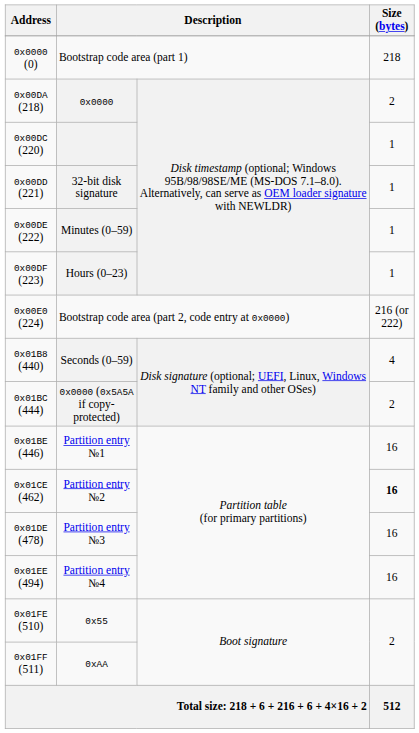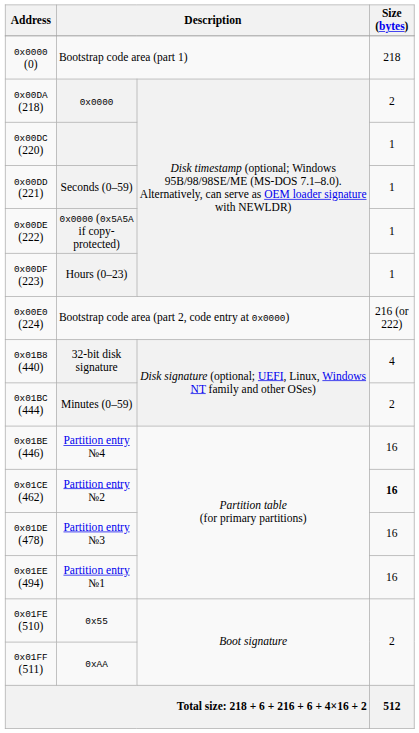 <table class="wikitable" style="float:right; width:45%; margin:1em;">
 <tr>
 <th>Address</th>
 <th style="vertical-align:middle" colspan="2">Description</th>
 <th style="vertical-align:middle">Size<br>(<a href='#'>bytes</a>)</th>
 </tr>
 <tr>
 </tr>
 <tr style="height:60px">
 <td style="text-align:center"><code>0x0000</code> (0)</td>
 <td colspan="2">Bootstrap code area (part 1)</td>
 <td style="text-align:center">218</td>
 </tr>
 <tr style="height:60px">
 <td style="text-align:center"><code>0x00DA</code> (218)</td>
 <td style="text-align:center; background:#F2F2F2"><code>0x0000</code></td>
 <td rowspan="5" style="vertical-align:middle; text-align:center; background:#F2F2F2"><em>Disk timestamp</em> (optional; Windows 95B/98/98SE/ME (MS-DOS 7.1–8.0). Alternatively, can serve as <a href='#'>OEM loader signature</a> with NEWLDR)</td>
 <td style="text-align:center">2</td>
 </tr>
 <tr style="height:60px">
 <td style="text-align:center"><code>0x00DC</code> (220)</td>
 <td style="text-align:center; background:#F2F2F2"> </td>
 <td style="text-align:center">1</td>
 </tr>
 <tr style="height:60px">
 <td style="text-align:center"><code>0x00DD</code> (221)</td>
-<td style="text-align:center; background:#F2F2F2">32-bit disk signature</td>
+<td style="text-align:center; background:#F2F2F2">Seconds (0–59)</td>
 <td style="text-align:center">1</td>
 </tr>
 <tr style="height:60px">
 <td style="text-align:center"><code>0x00DE</code> (222)</td>
-<td style="text-align:center; background:#F2F2F2">Minutes (0–59)</td>
+<td style="text-align:center; background:#F2F2F2"><code>0x0000</code> (<code>0x5A5A</code> if copy-protected)</td>
 <td style="text-align:center">1</td>
 </tr>
 <tr style="height:60px">
 <td style="text-align:center"><code>0x00DF</code> (223)</td>
 <td style="text-align:center; background:#F2F2F2">Hours (0–23)</td>
 <td style="text-align:center">1</td>
 </tr>
 <tr style="height:60px">
 <td style="text-align:center"><code>0x00E0</code> (224)</td>
 <td colspan="2">Bootstrap code area (part 2, code entry at <code>0x0000</code>)</td>
 <td style="text-align:center">216 (or 222)</td>
 </tr>
 <tr style="height:60px">
 <td style="text-align:center"><code>0x01B8</code> (440)</td>
-<td style="text-align:center; background:#F2F2F2">Seconds (0–59)</td>
+<td style="text-align:center; background:#F2F2F2">32-bit disk signature</td>
 <td rowspan="2" style="vertical-align:middle; text-align:center; background:#F2F2F2"><em>Disk signature</em> (optional; <a href='#'>UEFI</a>, Linux, <a href='#'>Windows NT</a> family and other OSes)</td>
 <td style="text-align:center">4</td>
 </tr>
 <tr style="height:60px">
 <td style="text-align:center"><code>0x01BC</code> (444)</td>
-<td style="text-align:center; background:#F2F2F2"><code>0x0000</code> (<code>0x5A5A</code> if copy-protected)</td>
+<td style="text-align:center; background:#F2F2F2">Minutes (0–59)</td>
 <td style="text-align:center">2</td>
 </tr>
 <tr style="height:60px">
 <td style="text-align:center"><code>0x01BE</code> (446)</td>
-<td style="text-align:center"><a href='#'>Partition entry</a> №1</td>
+<td style="text-align:center"><a href='#'>Partition entry</a> №4</td>
 <td rowspan="4" style="vertical-align:middle; text-align:center"><em>Partition table</em><br>(for primary partitions)</td>
 <td style="text-align:center">16</td>
 </tr>
 <tr style="height:60px">
 <td style="text-align:center"><code>0x01CE</code> (462)</td>
 <td style="text-align:center"><a href='#'>Partition entry</a> №2</td>
 <td style="text-align:center"><strong>16</strong></td>
 </tr>
 <tr style="height:60px">
 <td style="text-align:center"><code>0x01DE</code> (478)</td>
 <td style="text-align:center"><a href='#'>Partition entry</a> №3</td>
 <td style="text-align:center">16</td>
 </tr>
 <tr style="height:60px">
 <td style="text-align:center"><code>0x01EE</code> (494)</td>
-<td style="text-align:center"><a href='#'>Partition entry</a> №4</td>
+<td style="text-align:center"><a href='#'>Partition entry</a> №1</td>
 <td style="text-align:center">16</td>
 </tr>
 <tr style="height:60px">
 <td style="text-align:center"><code>0x01FE</code> (510)</td>
 <td style="text-align:center"><code>0x55</code></td>
 <td rowspan="2" style="vertical-align:middle; text-align:center"><em>Boot signature</em></td>
 <td rowspan="2" style="text-align:center">2</td>
 </tr>
 <tr style="height:60px">
 <td style="text-align:center"><code>0x01FF</code> (511)</td>
 <td style="text-align:center"><code>0xAA</code></td>
 </tr>
 <tr style="height:60px">
 <th colspan="3" style="text-align:right;">Total size: 218 + 6 + 216 + 6 + 4×16 + 2</th>
 <th style="text-align:center">512</th>
 </tr>
 </table>
